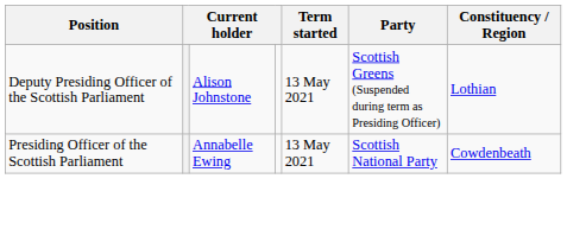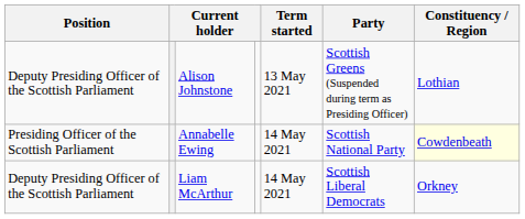 <table class="wikitable">
 <tr>
 <th>Position</th>
 <th colspan=3>Current holder</th>
 <th>Term started</th>
 <th width=100>Party</th>
 <th>Constituency / Region</th>
 </tr>
 <tr>
 <td>Deputy Presiding Officer of the Scottish Parliament</td>
 <th style="background-color: "></th>
 <td><a href='#'>Alison Johnstone</a></td>
 <td></td>
 <td>13 May 2021</td>
 <td><a href='#'>Scottish Greens</a><br><small>(Suspended during term as Presiding Officer)</small></td>
 <td><a href='#'>Lothian</a></td>
 </tr>
 <tr>
 <td>Presiding Officer of the Scottish Parliament</td>
 <th style="background-color: "></th>
 <td><a href='#'>Annabelle Ewing</a></td>
 <td></td>
-<td>13 May 2021</td>
+<td>14 May 2021</td>
 <td><a href='#'>Scottish National Party</a></td>
-<td><a href='#'>Cowdenbeath</a></td>
+<td style="background: lightyellow;"><a href='#'>Cowdenbeath</a></td>
+</tr>
+<tr>
+<td>Deputy Presiding Officer of the Scottish Parliament</td>
+<th style="background-color: "></th>
+<td><a href='#'>Liam McArthur</a></td>
+<td></td>
+<td>14 May 2021</td>
+<td><a href='#'>Scottish Liberal Democrats</a></td>
+<td><a href='#'>Orkney</a></td>
 </tr>
 </table>
